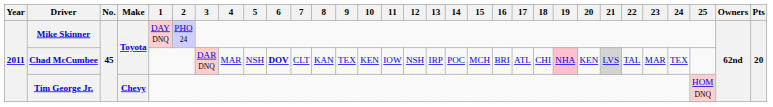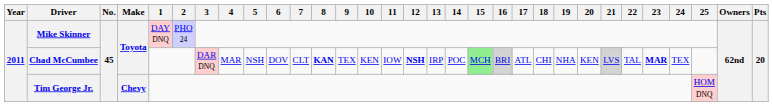 <table class="wikitable" style="text-align:center; font-size:75%">
 <tr>
 <th>Year</th>
 <th>Driver</th>
 <th>No.</th>
 <th>Make</th>
 <th>1</th>
 <th>2</th>
 <th>3</th>
 <th>4</th>
 <th>5</th>
 <th>6</th>
 <th>7</th>
 <th>8</th>
 <th>9</th>
 <th>10</th>
 <th>11</th>
 <th>12</th>
 <th>13</th>
 <th>14</th>
 <th>15</th>
 <th>16</th>
 <th>17</th>
 <th>18</th>
 <th>19</th>
 <th>20</th>
 <th>21</th>
 <th>22</th>
 <th>23</th>
 <th>24</th>
 <th>25</th>
 <th>Owners</th>
 <th>Pts</th>
 </tr>
 <tr>
 <th rowspan=3><a href='#'>2011</a></th>
 <th><a href='#'>Mike Skinner</a></th>
 <th rowspan=3>45</th>
 <th rowspan=2><a href='#'>Toyota</a></th>
 <td style="background:#FFCFCF;"><a href='#'>DAY</a><br><small>DNQ</small></td>
 <td style="background:#CFCFFF;"><a href='#'>PHO</a><br><small>24</small></td>
 <td colspan=23></td>
 <th rowspan=3>62nd</th>
 <th rowspan=3>20</th>
 </tr>
 <tr>
 <th><a href='#'>Chad McCumbee</a></th>
 <td colspan=2></td>
 <td style="background:#FFCFCF;"><a href='#'>DAR</a><br><small>DNQ</small></td>
 <td><a href='#'>MAR</a></td>
 <td><a href='#'>NSH</a></td>
-<td><strong><a href='#'>DOV</a></strong></td>
+<td><a href='#'>DOV</a></td>
 <td><a href='#'>CLT</a></td>
-<td><a href='#'>KAN</a></td>
+<td><strong><a href='#'>KAN</a></strong></td>
 <td><a href='#'>TEX</a></td>
 <td><a href='#'>KEN</a></td>
 <td><a href='#'>IOW</a></td>
-<td><a href='#'>NSH</a></td>
+<td><strong><a href='#'>NSH</a></strong></td>
 <td><a href='#'>IRP</a></td>
 <td><a href='#'>POC</a></td>
-<td><a href='#'>MCH</a></td>
-<td><a href='#'>BRI</a></td>
+<td style="background: lightgreen;"><a href='#'>MCH</a></td>
+<td style="background: lightgrey;"><a href='#'>BRI</a></td>
 <td><a href='#'>ATL</a></td>
 <td><a href='#'>CHI</a></td>
-<td style="background: pink;"><a href='#'>NHA</a></td>
+<td><a href='#'>NHA</a></td>
 <td><a href='#'>KEN</a></td>
 <td style="background: lightgrey;"><a href='#'>LVS</a></td>
 <td><a href='#'>TAL</a></td>
-<td><a href='#'>MAR</a></td>
+<td><strong><a href='#'>MAR</a></strong></td>
 <td><a href='#'>TEX</a></td>
 <td></td>
 </tr>
 <tr>
 <th><a href='#'>Tim George Jr.</a></th>
 <th><a href='#'>Chevy</a></th>
 <td colspan=24></td>
 <td style="background:#FFCFCF;"><a href='#'>HOM</a><br><small>DNQ</small></td>
 </tr>
 </table>
